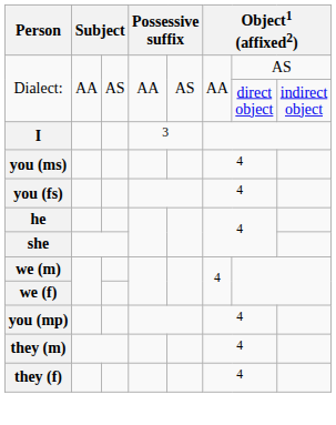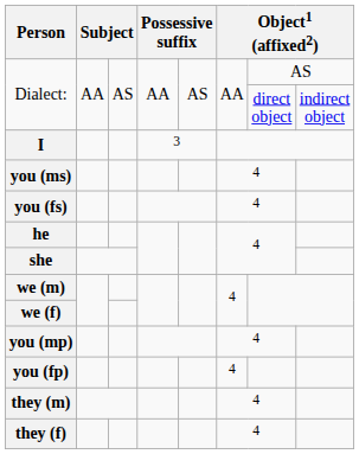 <table class="wikitable" style="text-align:center;">
 <tr>
 <th>Person</th>
 <th colspan="2">Subject</th>
 <th colspan="2">Possessive <br> suffix</th>
 <th colspan="3">Object<sup>1</sup> <br> (affixed<sup>2</sup>)</th>
 </tr>
 <tr>
 <td rowspan="2">Dialect:</td>
 <td rowspan="2">AA</td>
 <td rowspan="2">AS</td>
 <td rowspan="2">AA</td>
 <td rowspan="2">AS</td>
 <td rowspan="2">AA</td>
 <td colspan="2">AS</td>
 </tr>
 <tr>
 <td><a href='#'>direct <br> object</a></td>
 <td><a href='#'>indirect <br> object</a></td>
 </tr>
 <tr>
 <th>I</th>
 <td></td>
 <td></td>
 <td colspan="2"><sup>3</sup></td>
 <td colspan="3"></td>
 </tr>
 <tr>
 <th>you (ms)</th>
 <td></td>
 <td></td>
 <td></td>
 <td></td>
 <td colspan="2"><sup>4</sup></td>
 <td></td>
 </tr>
 <tr>
 <th>you (fs)</th>
 <td></td>
 <td></td>
 <td colspan="2"></td>
 <td colspan="2"><sup>4</sup></td>
 <td></td>
 </tr>
 <tr>
 <th>he</th>
 <td></td>
 <td></td>
 <td rowspan="2"></td>
 <td rowspan="2"></td>
 <td rowspan="2" colspan="2"><sup>4</sup></td>
 <td></td>
 </tr>
 <tr>
 <th>she</th>
 <td colspan="2"></td>
 <td></td>
 </tr>
 <tr>
 <th>we (m)</th>
 <td rowspan="2"></td>
 <td></td>
 <td rowspan="2"></td>
 <td rowspan="2"></td>
 <td rowspan="2"><sup>4</sup></td>
 <td rowspan="2" colspan="2"></td>
 </tr>
 <tr>
 <th>we (f)</th>
 <td></td>
 </tr>
 <tr>
 <th>you (mp)</th>
 <td></td>
 <td></td>
 <td colspan="2"></td>
 <td colspan="2"><sup>4</sup></td>
 <td></td>
 </tr>
 <tr>
+<th>you (fp)</th>
+<td></td>
+<td></td>
+<td></td>
+<td></td>
+<td><sup>4</sup></td>
+<td></td>
+<td></td>
+</tr>
+<tr>
 <th>they (m)</th>
 <td colspan="2"></td>
 <td></td>
 <td></td>
 <td colspan="2"><sup>4</sup></td>
 <td></td>
 </tr>
 <tr>
 <th>they (f)</th>
 <td></td>
 <td></td>
 <td></td>
 <td></td>
 <td colspan="2"><sup>4</sup></td>
 <td></td>
 </tr>
 </table>
